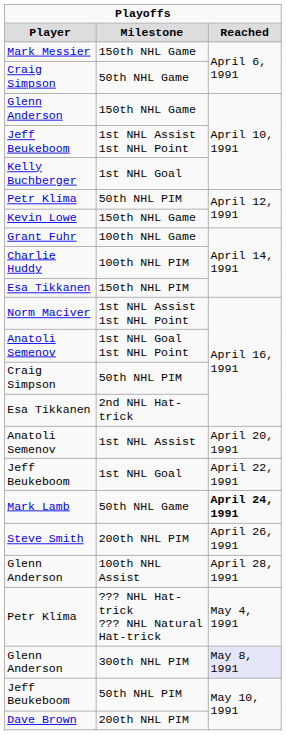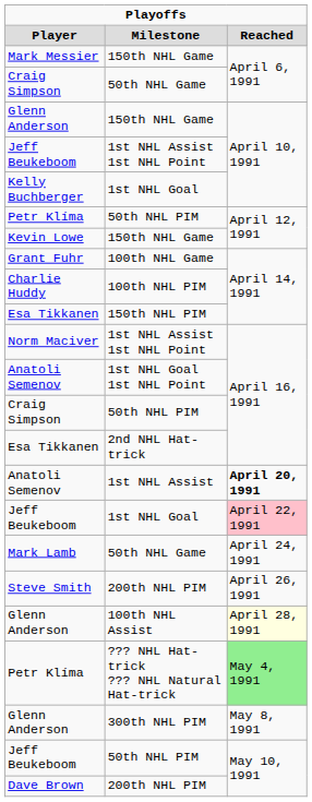 <table class="wikitable" style="width:50%;">
 <tr>
 <td colspan="10" style="text-align:center;"><strong>Playoffs</strong></td>
 </tr>
 <tr style="text-align:center; background:#ddd;">
 <td><strong>Player</strong></td>
 <td><strong>Milestone</strong></td>
 <td><strong>Reached</strong></td>
 </tr>
 <tr>
 <td><a href='#'>Mark Messier</a></td>
 <td>150th NHL Game</td>
 <td rowspan="2">April 6, 1991</td>
 </tr>
 <tr>
 <td><a href='#'>Craig Simpson</a></td>
 <td>50th NHL Game</td>
 </tr>
 <tr>
 <td><a href='#'>Glenn Anderson</a></td>
 <td>150th NHL Game</td>
 <td rowspan="3">April 10, 1991</td>
 </tr>
 <tr>
 <td><a href='#'>Jeff Beukeboom</a></td>
 <td>1st NHL Assist<br>1st NHL Point</td>
 </tr>
 <tr>
 <td><a href='#'>Kelly Buchberger</a></td>
 <td>1st NHL Goal</td>
 </tr>
 <tr>
 <td><a href='#'>Petr Klíma</a></td>
 <td>50th NHL PIM</td>
 <td rowspan="2">April 12, 1991</td>
 </tr>
 <tr>
 <td><a href='#'>Kevin Lowe</a></td>
 <td>150th NHL Game</td>
 </tr>
 <tr>
 <td><a href='#'>Grant Fuhr</a></td>
 <td>100th NHL Game</td>
 <td rowspan="3">April 14, 1991</td>
 </tr>
 <tr>
 <td><a href='#'>Charlie Huddy</a></td>
 <td>100th NHL PIM</td>
 </tr>
 <tr>
 <td><a href='#'>Esa Tikkanen</a></td>
 <td>150th NHL PIM</td>
 </tr>
 <tr>
 <td><a href='#'>Norm Maciver</a></td>
 <td>1st NHL Assist<br>1st NHL Point</td>
 <td rowspan="4">April 16, 1991</td>
 </tr>
 <tr>
 <td><a href='#'>Anatoli Semenov</a></td>
 <td>1st NHL Goal<br>1st NHL Point</td>
 </tr>
 <tr>
 <td>Craig Simpson</td>
 <td>50th NHL PIM</td>
 </tr>
 <tr>
 <td>Esa Tikkanen</td>
 <td>2nd NHL Hat-trick</td>
 </tr>
 <tr>
 <td>Anatoli Semenov</td>
 <td>1st NHL Assist</td>
-<td>April 20, 1991</td>
+<td><strong>April 20, 1991</strong></td>
 </tr>
 <tr>
 <td>Jeff Beukeboom</td>
 <td>1st NHL Goal</td>
-<td>April 22, 1991</td>
+<td style="background: pink;">April 22, 1991</td>
 </tr>
 <tr>
 <td><a href='#'>Mark Lamb</a></td>
 <td>50th NHL Game</td>
-<td><strong>April 24, 1991</strong></td>
+<td>April 24, 1991</td>
 </tr>
 <tr>
 <td><a href='#'>Steve Smith</a></td>
 <td>200th NHL PIM</td>
 <td>April 26, 1991</td>
 </tr>
 <tr>
 <td>Glenn Anderson</td>
 <td>100th NHL Assist</td>
-<td>April 28, 1991</td>
+<td style="background: lightyellow;">April 28, 1991</td>
 </tr>
 <tr>
 <td>Petr Klíma</td>
 <td>??? NHL Hat-trick<br>??? NHL Natural Hat-trick</td>
-<td>May 4, 1991</td>
+<td style="background: lightgreen;">May 4, 1991</td>
 </tr>
 <tr>
 <td>Glenn Anderson</td>
 <td>300th NHL PIM</td>
-<td style="background: lavender;">May 8, 1991</td>
+<td>May 8, 1991</td>
 </tr>
 <tr>
 <td>Jeff Beukeboom</td>
 <td>50th NHL PIM</td>
 <td rowspan="2">May 10, 1991</td>
 </tr>
 <tr>
 <td><a href='#'>Dave Brown</a></td>
 <td>200th NHL PIM</td>
 </tr>
 </table>
